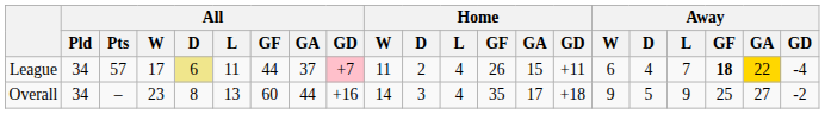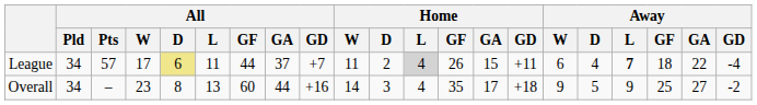 <table class="wikitable" style="text-align:center">
 <tr>
 <th rowspan=2></th>
 <th colspan=8>All</th>
 <th colspan=6>Home</th>
 <th colspan=6>Away</th>
 </tr>
 <tr>
 <th width=30>Pld</th>
 <th width=30>Pts</th>
 <th width=30>W</th>
 <th width=30>D</th>
 <th width=30>L</th>
 <th width=30>GF</th>
 <th width=30>GA</th>
 <th width=30>GD</th>
 <th width=30>W</th>
 <th width=30>D</th>
 <th width=30>L</th>
 <th width=30>GF</th>
 <th width=30>GA</th>
 <th width=30>GD</th>
 <th width=30>W</th>
 <th width=30>D</th>
 <th width=30>L</th>
 <th width=30>GF</th>
 <th width=30>GA</th>
 <th width=30>GD</th>
 </tr>
 <tr>
 <td>League</td>
 <td>34</td>
 <td>57</td>
 <td>17</td>
 <td style="background: khaki;">6</td>
 <td>11</td>
 <td>44</td>
 <td>37</td>
-<td style="background: pink;">+7</td>
+<td>+7</td>
 <td>11</td>
 <td>2</td>
-<td>4</td>
+<td style="background: lightgrey;">4</td>
 <td>26</td>
 <td>15</td>
 <td>+11</td>
 <td>6</td>
 <td>4</td>
-<td>7</td>
-<td><strong>18</strong></td>
-<td style="background: gold;">22</td>
+<td><strong>7</strong></td>
+<td>18</td>
+<td>22</td>
 <td>-4</td>
 </tr>
 <tr>
 <td>Overall</td>
 <td>34</td>
 <td>–</td>
 <td>23</td>
 <td>8</td>
 <td>13</td>
 <td>60</td>
 <td>44</td>
 <td>+16</td>
 <td>14</td>
 <td>3</td>
 <td>4</td>
 <td>35</td>
 <td>17</td>
 <td>+18</td>
 <td>9</td>
 <td>5</td>
 <td>9</td>
 <td>25</td>
 <td>27</td>
 <td>-2</td>
 </tr>
 </table>
